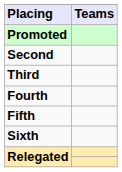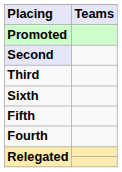 <table class=wikitable>
 <tr>
 </tr>
 <tr style="background: #E6E6FA;">
 <td><strong>Placing</strong></td>
 <td><strong>Teams</strong></td>
 </tr>
 <tr style="background: #ccffcc;">
 <td><strong>Promoted</strong></td>
 <td><strong></strong></td>
 </tr>
 <tr>
-<td><strong>Second</strong></td>
+<td style="background: lavender;"><strong>Second</strong></td>
 <td></td>
 </tr>
 <tr>
 <td><strong>Third</strong></td>
 <td></td>
 </tr>
 <tr>
-<td><strong>Fourth</strong></td>
+<td><strong>Sixth</strong></td>
 <td></td>
 </tr>
 <tr>
 <td><strong>Fifth</strong></td>
 <td></td>
 </tr>
 <tr>
-<td><strong>Sixth</strong></td>
+<td><strong>Fourth</strong></td>
 <td></td>
 </tr>
 <tr style="background: #ffebad;">
 <td rowspan="2"><strong>Relegated</strong></td>
 <td></td>
 </tr>
 <tr style="background: #ffebad;">
 <td></td>
 </tr>
 </table>
